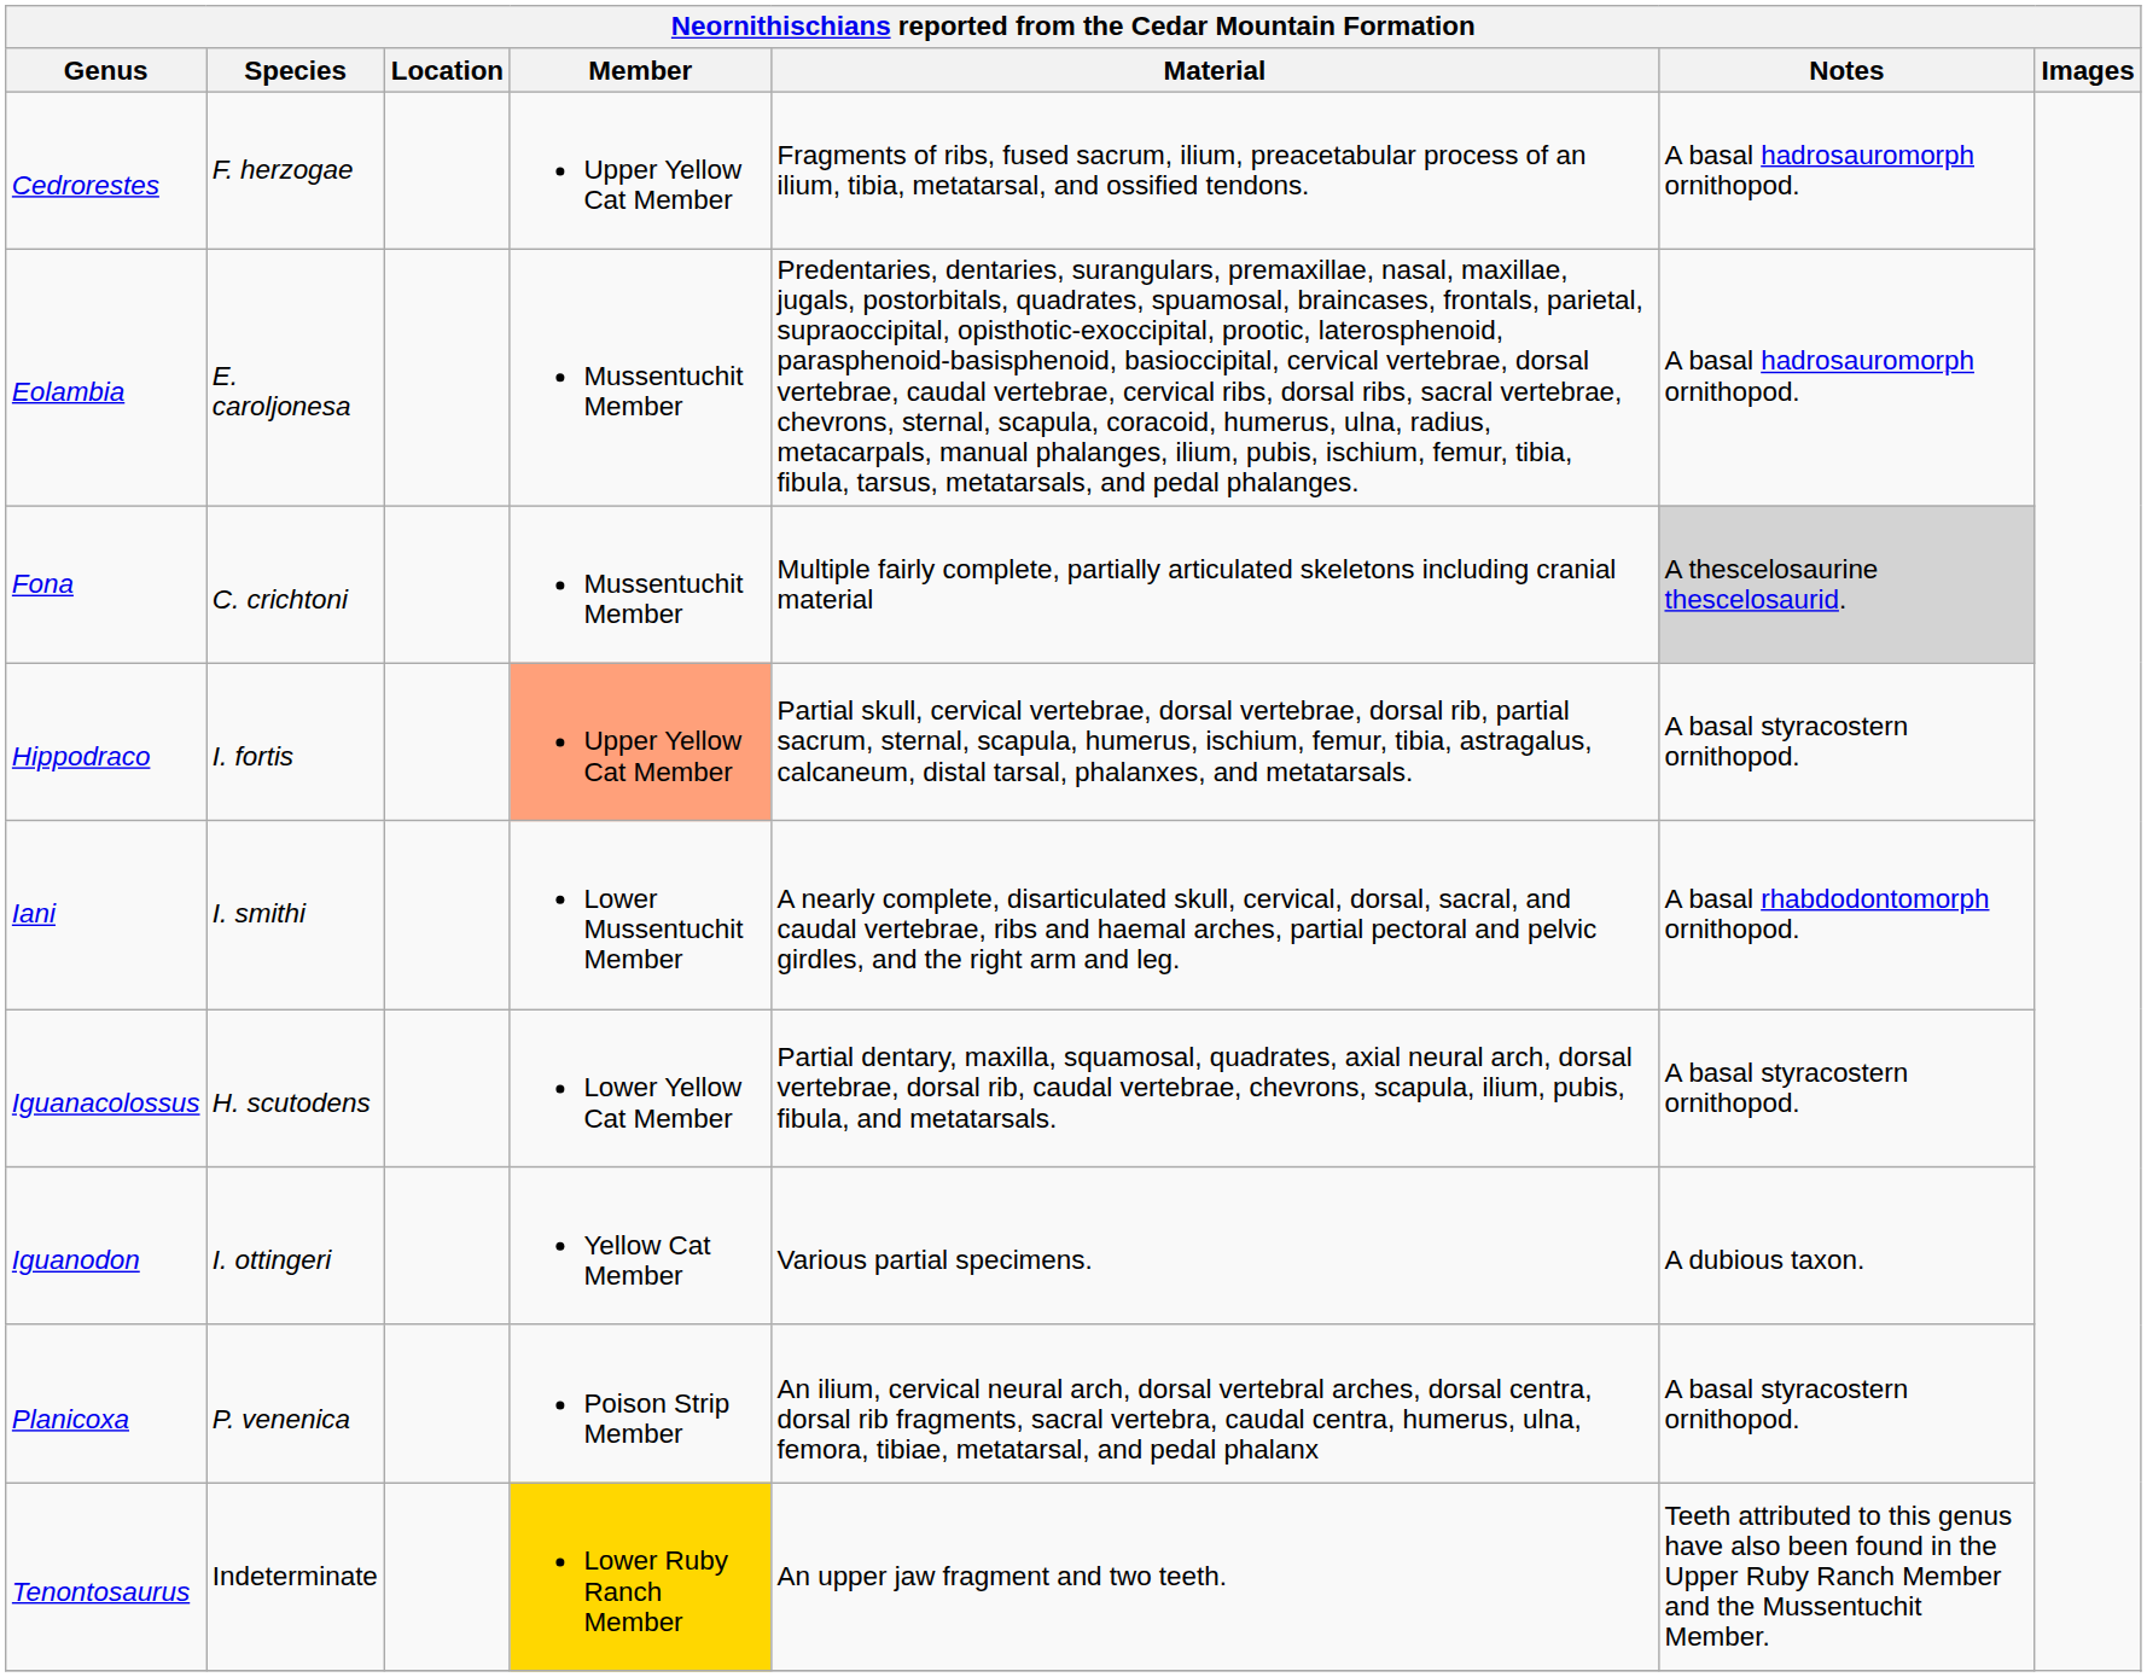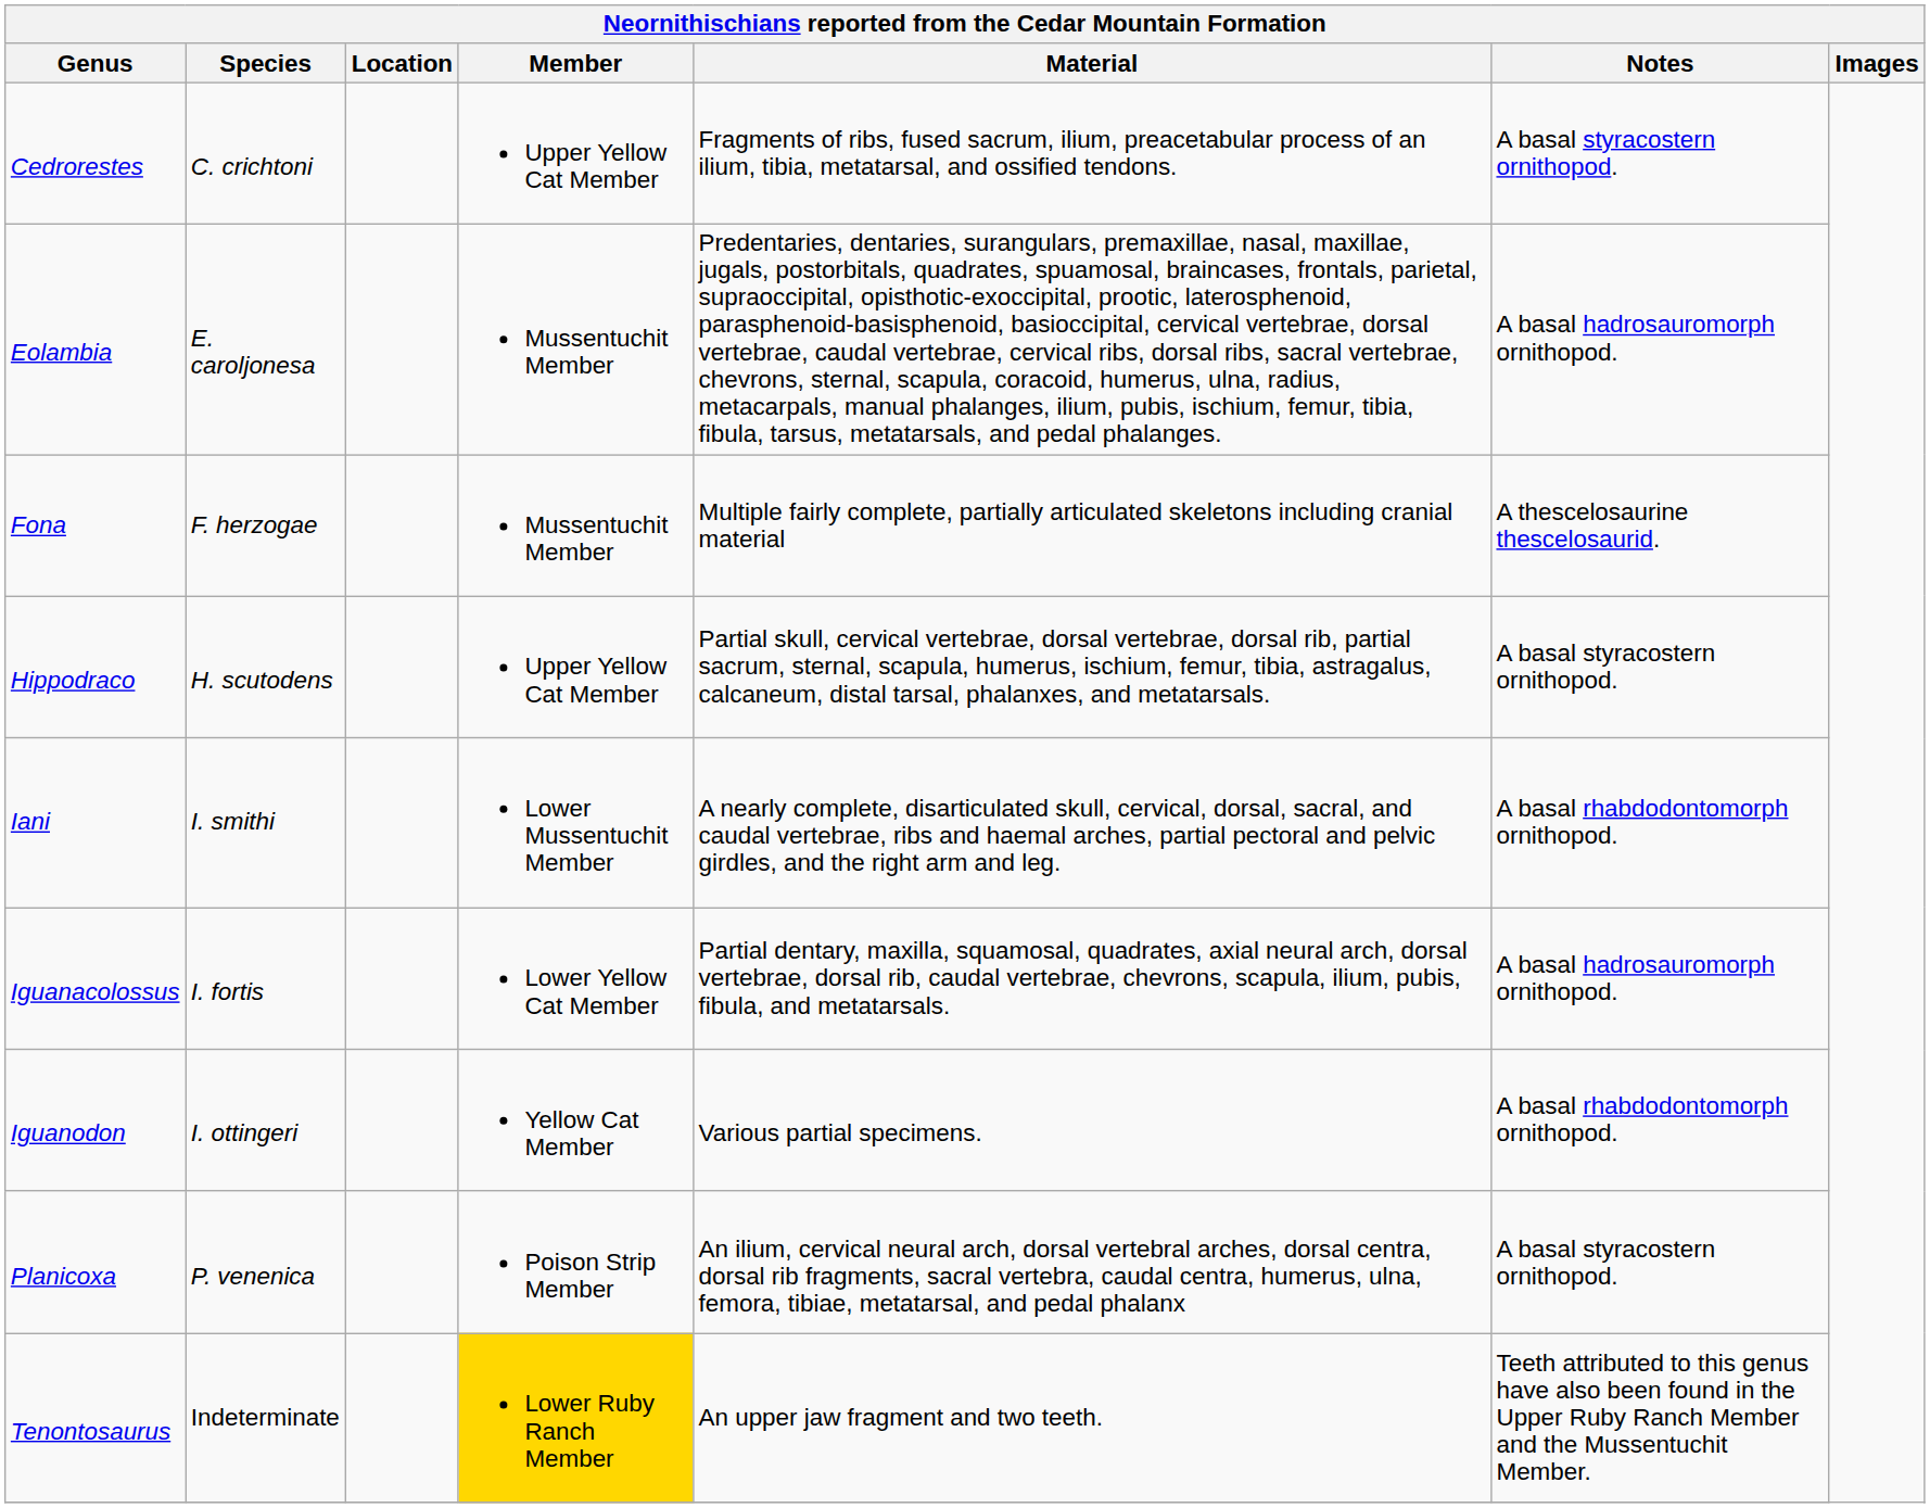 <table class="wikitable" align="center" width="100%">
 <tr>
 <th colspan="7" align="center"><strong><a href='#'>Neornithischians</a> reported from the Cedar Mountain Formation</strong></th>
 </tr>
 <tr>
 <th>Genus</th>
 <th>Species</th>
 <th>Location</th>
 <th>Member</th>
 <th>Material</th>
 <th>Notes</th>
 <th>Images</th>
 </tr>
 <tr>
 <td><br><em><a href='#'>Cedrorestes</a></em></td>
-<td><em>F. herzogae</em></td>
+<td><br><em>C. crichtoni</em></td>
 <td></td>
 <td><br><ul><li>Upper Yellow Cat Member</li></ul></td>
 <td>Fragments of ribs, fused sacrum, ilium, preacetabular process of an ilium, tibia, metatarsal, and ossified tendons.</td>
-<td>A basal <a href='#'>hadrosauromorph</a> ornithopod.</td>
+<td>A basal <a href='#'>styracostern</a> <a href='#'>ornithopod</a>.</td>
 <td rowspan="102"><br>     </td>
 </tr>
 <tr>
 <td><br><em><a href='#'>Eolambia</a></em></td>
 <td><br><em>E. caroljonesa</em></td>
 <td></td>
 <td><br><ul><li>Mussentuchit Member</li></ul></td>
 <td>Predentaries, dentaries, surangulars, premaxillae, nasal, maxillae, jugals, postorbitals, quadrates, spuamosal, braincases, frontals, parietal, supraoccipital, opisthotic-exoccipital, prootic, laterosphenoid, parasphenoid-basisphenoid, basioccipital, cervical vertebrae, dorsal vertebrae, caudal vertebrae, cervical ribs, dorsal ribs, sacral vertebrae, chevrons, sternal, scapula, coracoid, humerus, ulna, radius, metacarpals, manual phalanges, ilium, pubis, ischium, femur, tibia, fibula, tarsus, metatarsals, and pedal phalanges.</td>
 <td>A basal <a href='#'>hadrosauromorph</a> ornithopod.</td>
 </tr>
 <tr>
 <td><em><a href='#'>Fona</a></em></td>
-<td><br><em>C. crichtoni</em></td>
+<td><em>F. herzogae</em></td>
 <td></td>
 <td><br><ul><li>Mussentuchit Member</li></ul></td>
 <td>Multiple fairly complete, partially articulated skeletons including cranial material</td>
-<td style="background: lightgrey;">A thescelosaurine <a href='#'>thescelosaurid</a>.</td>
+<td>A thescelosaurine <a href='#'>thescelosaurid</a>.</td>
 </tr>
 <tr>
 <td><br><em><a href='#'>Hippodraco</a></em></td>
-<td><br><em>I. fortis</em></td>
+<td><br><em>H. scutodens</em></td>
 <td></td>
-<td style="background: lightsalmon;"><br><ul><li>Upper Yellow Cat Member</li></ul></td>
+<td><br><ul><li>Upper Yellow Cat Member</li></ul></td>
 <td>Partial skull, cervical vertebrae, dorsal vertebrae, dorsal rib, partial sacrum, sternal, scapula, humerus, ischium, femur, tibia, astragalus, calcaneum, distal tarsal, phalanxes, and metatarsals.</td>
 <td>A basal styracostern ornithopod.</td>
 </tr>
 <tr>
 <td><em><a href='#'>Iani</a></em></td>
 <td><em>I. smithi</em></td>
 <td></td>
 <td><br><ul><li>Lower Mussentuchit Member</li></ul></td>
 <td><br>A nearly complete, disarticulated skull, cervical, dorsal, sacral, and caudal vertebrae, ribs and haemal arches, partial pectoral and pelvic girdles, and the right arm and leg.</td>
 <td>A basal <a href='#'>rhabdodontomorph</a> ornithopod.</td>
 </tr>
 <tr>
 <td><br><em><a href='#'>Iguanacolossus</a></em></td>
-<td><br><em>H. scutodens</em></td>
+<td><br><em>I. fortis</em></td>
 <td></td>
 <td><br><ul><li>Lower Yellow Cat Member</li></ul></td>
 <td>Partial dentary, maxilla, squamosal, quadrates, axial neural arch, dorsal vertebrae, dorsal rib, caudal vertebrae, chevrons, scapula, ilium, pubis, fibula, and metatarsals.</td>
-<td>A basal styracostern ornithopod.</td>
+<td>A basal <a href='#'>hadrosauromorph</a> ornithopod.</td>
 </tr>
 <tr>
 <td><br><em><a href='#'>Iguanodon</a></em></td>
 <td><br><em>I. ottingeri</em></td>
 <td></td>
 <td><br><ul><li>Yellow Cat Member</li></ul></td>
 <td><br>Various partial specimens.</td>
-<td><br>A dubious taxon.</td>
+<td>A basal <a href='#'>rhabdodontomorph</a> ornithopod.</td>
 </tr>
 <tr>
 <td><br><em><a href='#'>Planicoxa</a></em></td>
 <td><br><em>P. venenica</em></td>
 <td></td>
 <td><br><ul><li>Poison Strip Member</li></ul></td>
 <td><br>An ilium, cervical neural arch, dorsal vertebral arches, dorsal centra, dorsal rib fragments, sacral vertebra, caudal centra, humerus, ulna, femora, tibiae, metatarsal, and pedal phalanx </td>
 <td>A basal styracostern ornithopod.</td>
 </tr>
 <tr>
 <td><br><em><a href='#'>Tenontosaurus</a></em></td>
 <td>Indeterminate</td>
 <td></td>
 <td style="background: gold;"><br><ul><li>Lower Ruby Ranch Member</li></ul></td>
 <td>An upper jaw fragment and two teeth.</td>
 <td>Teeth attributed to this genus have also been found in the Upper Ruby Ranch Member and the Mussentuchit Member.</td>
 </tr>
 <tr>
 </tr>
 </table>
